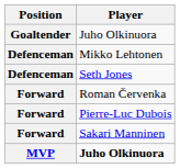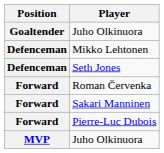 <table class="wikitable plainrowheaders">
 <tr>
 <th scope="col">Position</th>
 <th scope="col">Player</th>
 </tr>
 <tr>
 <th scope="row">Goaltender</th>
 <td> Juho Olkinuora</td>
 </tr>
 <tr>
 <th scope="row">Defenceman</th>
 <td> Mikko Lehtonen</td>
 </tr>
 <tr>
 <th scope="row">Defenceman</th>
 <td> <a href='#'>Seth Jones</a></td>
 </tr>
 <tr>
 <th scope="row">Forward</th>
 <td> Roman Červenka</td>
 </tr>
 <tr>
 <th scope="row">Forward</th>
+<td> <a href='#'>Sakari Manninen</a></td>
+</tr>
+<tr>
+<th scope="row">Forward</th>
 <td> <a href='#'>Pierre-Luc Dubois</a></td>
 </tr>
 <tr>
-<th scope="row">Forward</th>
-<td> <a href='#'>Sakari Manninen</a></td>
-</tr>
-<tr>
 <th scope="row"><a href='#'>MVP</a></th>
-<td><strong> Juho Olkinuora</strong></td>
+<td> Juho Olkinuora</td>
 </tr>
 </table>
